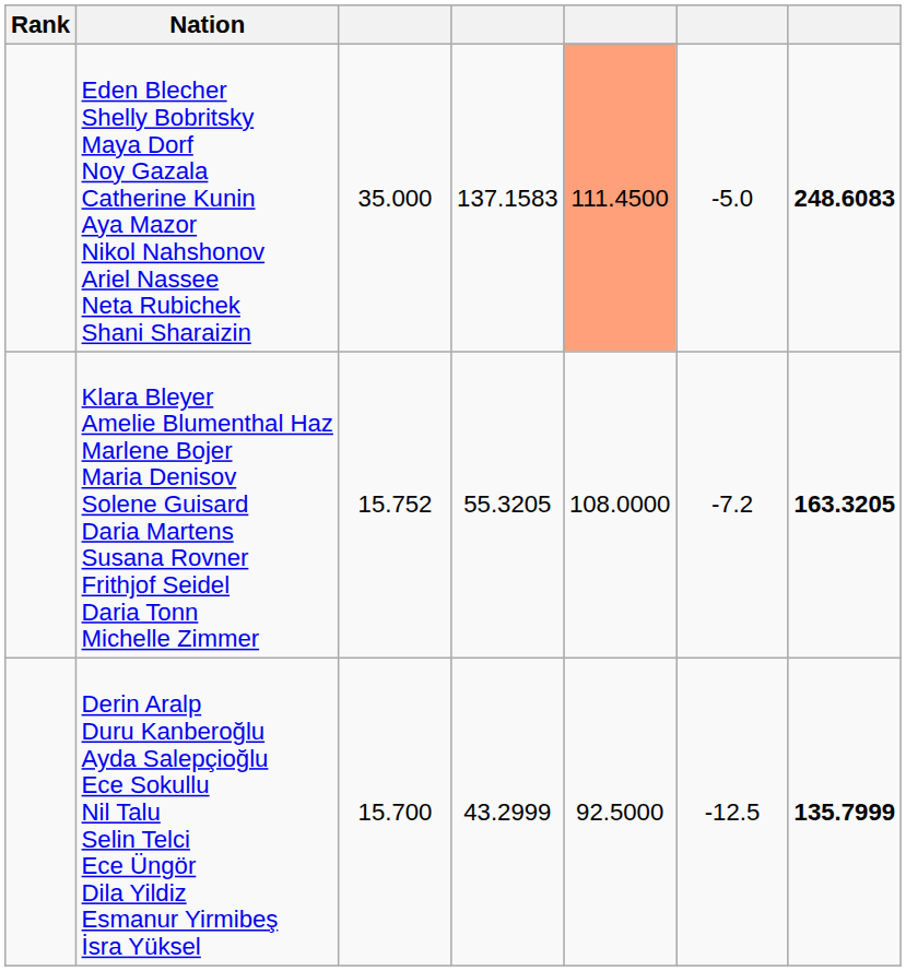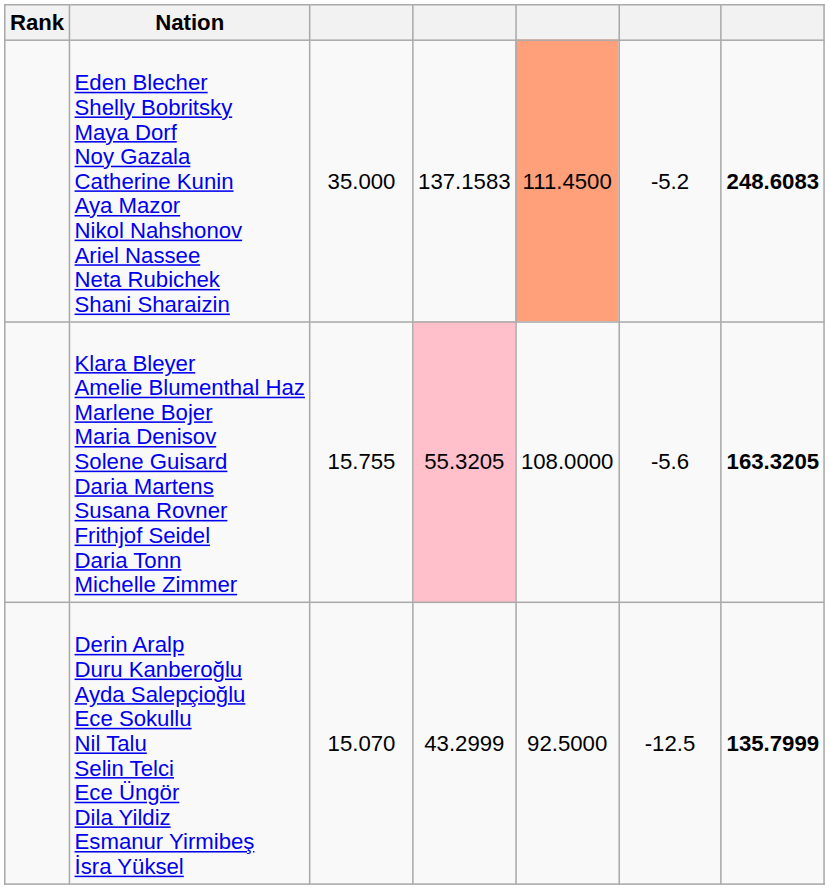 <table class="wikitable sortable" style="text-align:center; font-size:90%">
 <tr>
 <th>Rank</th>
 <th>Nation</th>
 <th width=60></th>
 <th width=60></th>
 <th width=60></th>
 <th width=60></th>
 <th width=60></th>
 </tr>
 <tr>
 <td></td>
 <td align=left><br><a href='#'>Eden Blecher</a><br><a href='#'>Shelly Bobritsky</a><br><a href='#'>Maya Dorf</a><br><a href='#'>Noy Gazala</a><br><a href='#'>Catherine Kunin</a><br><a href='#'>Aya Mazor</a><br><a href='#'>Nikol Nahshonov</a><br><a href='#'>Ariel Nassee</a><br><a href='#'>Neta Rubichek</a><br><a href='#'>Shani Sharaizin</a></td>
 <td>35.000</td>
 <td>137.1583</td>
 <td style="background: lightsalmon;">111.4500</td>
-<td>-5.0</td>
+<td>-5.2</td>
 <td><strong>248.6083</strong></td>
 </tr>
 <tr>
 <td></td>
 <td align=left><br><a href='#'>Klara Bleyer</a><br><a href='#'>Amelie Blumenthal Haz</a><br><a href='#'>Marlene Bojer</a><br><a href='#'>Maria Denisov</a><br><a href='#'>Solene Guisard</a><br><a href='#'>Daria Martens</a><br><a href='#'>Susana Rovner</a><br><a href='#'>Frithjof Seidel</a><br><a href='#'>Daria Tonn</a><br><a href='#'>Michelle Zimmer</a></td>
-<td>15.752</td>
-<td>55.3205</td>
+<td>15.755</td>
+<td style="background: pink;">55.3205</td>
 <td>108.0000</td>
-<td>-7.2</td>
+<td>-5.6</td>
 <td><strong>163.3205</strong></td>
 </tr>
 <tr>
 <td></td>
 <td align=left><br><a href='#'>Derin Aralp</a><br><a href='#'>Duru Kanberoğlu</a><br><a href='#'>Ayda Salepçioğlu</a><br><a href='#'>Ece Sokullu</a><br><a href='#'>Nil Talu</a><br><a href='#'>Selin Telci</a><br><a href='#'>Ece Üngör</a><br><a href='#'>Dila Yildiz</a><br><a href='#'>Esmanur Yirmibeş</a><br><a href='#'>İsra Yüksel</a></td>
-<td>15.700</td>
+<td>15.070</td>
 <td>43.2999</td>
 <td>92.5000</td>
 <td>-12.5</td>
 <td><strong>135.7999</strong></td>
 </tr>
 </table>
